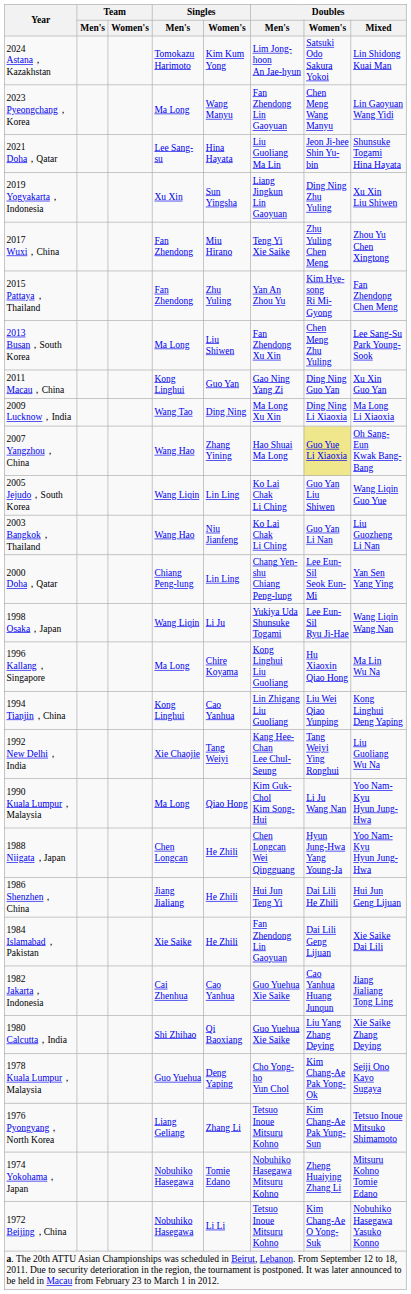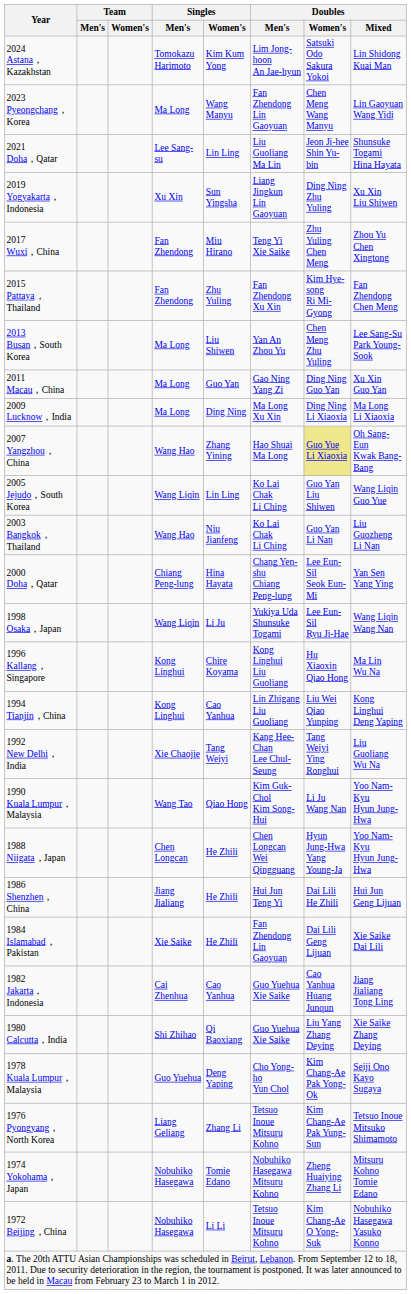 <table class=wikitable style="font-size:90%;">
 <tr>
 <th rowspan=2>Year</th>
 <th colspan=2>Team</th>
 <th colspan=2>Singles</th>
 <th colspan=3>Doubles</th>
 </tr>
 <tr>
 <th>Men's</th>
 <th>Women's</th>
 <th>Men's</th>
 <th>Women's</th>
 <th>Men's</th>
 <th>Women's</th>
 <th>Mixed</th>
 </tr>
 <tr>
 <td>2024 <br><a href='#'>Astana</a>，Kazakhstan</td>
 <td></td>
 <td></td>
 <td> <a href='#'>Tomokazu Harimoto</a></td>
 <td> <a href='#'>Kim Kum Yong</a></td>
 <td> <a href='#'>Lim Jong-hoon</a> <br>  <a href='#'>An Jae-hyun</a></td>
 <td> <a href='#'>Satsuki Odo</a> <br>  <a href='#'>Sakura Yokoi</a></td>
 <td> <a href='#'>Lin Shidong</a> <br>  <a href='#'>Kuai Man</a></td>
 </tr>
 <tr>
 <td>2023 <br><a href='#'>Pyeongchang</a>，Korea</td>
 <td></td>
 <td></td>
 <td> <a href='#'>Ma Long</a></td>
 <td> <a href='#'>Wang Manyu</a></td>
 <td> <a href='#'>Fan Zhendong</a> <br>  <a href='#'>Lin Gaoyuan</a></td>
 <td> <a href='#'>Chen Meng</a> <br>  <a href='#'>Wang Manyu</a></td>
 <td> <a href='#'>Lin Gaoyuan</a> <br>  <a href='#'>Wang Yidi</a></td>
 </tr>
 <tr>
 <td>2021 <br><a href='#'>Doha</a>，Qatar</td>
 <td></td>
 <td></td>
 <td> <a href='#'>Lee Sang-su</a></td>
-<td> <a href='#'>Hina Hayata</a></td>
+<td> <a href='#'>Lin Ling</a></td>
 <td> <a href='#'>Liu Guoliang</a> <br>  <a href='#'>Ma Lin</a></td>
 <td> <a href='#'>Jeon Ji-hee</a> <br>  <a href='#'>Shin Yu-bin</a></td>
 <td> <a href='#'>Shunsuke Togami</a> <br>  <a href='#'>Hina Hayata</a></td>
 </tr>
 <tr>
 <td>2019 <br><a href='#'>Yogyakarta</a>，Indonesia</td>
 <td></td>
 <td></td>
 <td> <a href='#'>Xu Xin</a></td>
 <td> <a href='#'>Sun Yingsha</a></td>
 <td> <a href='#'>Liang Jingkun</a> <br>  <a href='#'>Lin Gaoyuan</a></td>
 <td> <a href='#'>Ding Ning</a> <br>  <a href='#'>Zhu Yuling</a></td>
 <td> <a href='#'>Xu Xin</a> <br>  <a href='#'>Liu Shiwen</a></td>
 </tr>
 <tr>
 <td>2017 <br><a href='#'>Wuxi</a>，China</td>
 <td></td>
 <td></td>
 <td> <a href='#'>Fan Zhendong</a></td>
 <td> <a href='#'>Miu Hirano</a></td>
 <td> <a href='#'>Teng Yi</a> <br>  <a href='#'>Xie Saike</a></td>
 <td> <a href='#'>Zhu Yuling</a> <br>  <a href='#'>Chen Meng</a></td>
 <td> <a href='#'>Zhou Yu</a> <br>  <a href='#'>Chen Xingtong</a></td>
 </tr>
 <tr>
 <td>2015 <br><a href='#'>Pattaya</a>，Thailand</td>
 <td></td>
 <td></td>
 <td> <a href='#'>Fan Zhendong</a></td>
 <td> <a href='#'>Zhu Yuling</a></td>
-<td> <a href='#'>Yan An</a> <br>  <a href='#'>Zhou Yu</a></td>
+<td> <a href='#'>Fan Zhendong</a> <br>  <a href='#'>Xu Xin</a></td>
 <td> <a href='#'>Kim Hye-song</a> <br>  <a href='#'>Ri Mi-Gyong</a></td>
 <td> <a href='#'>Fan Zhendong</a> <br>  <a href='#'>Chen Meng</a></td>
 </tr>
 <tr>
 <td><a href='#'>2013</a><br><a href='#'>Busan</a>，South Korea</td>
 <td></td>
 <td></td>
 <td> <a href='#'>Ma Long</a></td>
 <td> <a href='#'>Liu Shiwen</a></td>
-<td> <a href='#'>Fan Zhendong</a> <br>  <a href='#'>Xu Xin</a></td>
+<td> <a href='#'>Yan An</a> <br>  <a href='#'>Zhou Yu</a></td>
 <td> <a href='#'>Chen Meng</a> <br>  <a href='#'>Zhu Yuling</a></td>
 <td> <a href='#'>Lee Sang-Su</a> <br>  <a href='#'>Park Young-Sook</a></td>
 </tr>
 <tr>
 <td>2011 <br><a href='#'>Macau</a>，China</td>
 <td></td>
 <td></td>
-<td> <a href='#'>Kong Linghui</a></td>
+<td> <a href='#'>Ma Long</a></td>
 <td> <a href='#'>Guo Yan</a></td>
 <td> <a href='#'>Gao Ning</a> <br>  <a href='#'>Yang Zi</a></td>
 <td> <a href='#'>Ding Ning</a> <br>  <a href='#'>Guo Yan</a></td>
 <td> <a href='#'>Xu Xin</a> <br>  <a href='#'>Guo Yan</a></td>
 </tr>
 <tr>
 <td>2009 <br><a href='#'>Lucknow</a>，India</td>
 <td></td>
 <td></td>
-<td> <a href='#'>Wang Tao</a></td>
+<td> <a href='#'>Ma Long</a></td>
 <td> <a href='#'>Ding Ning</a></td>
 <td> <a href='#'>Ma Long</a> <br>  <a href='#'>Xu Xin</a></td>
 <td> <a href='#'>Ding Ning</a> <br>  <a href='#'>Li Xiaoxia</a></td>
 <td> <a href='#'>Ma Long</a> <br>  <a href='#'>Li Xiaoxia</a></td>
 </tr>
 <tr>
 <td>2007 <br><a href='#'>Yangzhou</a>，China</td>
 <td></td>
 <td></td>
 <td> <a href='#'>Wang Hao</a></td>
 <td> <a href='#'>Zhang Yining</a></td>
 <td> <a href='#'>Hao Shuai</a> <br>  <a href='#'>Ma Long</a></td>
 <td style="background: khaki;"> <a href='#'>Guo Yue</a> <br>  <a href='#'>Li Xiaoxia</a></td>
 <td> <a href='#'>Oh Sang-Eun</a> <br>  <a href='#'>Kwak Bang-Bang</a></td>
 </tr>
 <tr>
 <td>2005 <br><a href='#'>Jejudo</a>，South Korea</td>
 <td></td>
 <td></td>
 <td> <a href='#'>Wang Liqin</a></td>
 <td> <a href='#'>Lin Ling</a></td>
 <td> <a href='#'>Ko Lai Chak</a> <br>  <a href='#'>Li Ching</a></td>
 <td> <a href='#'>Guo Yan</a> <br>  <a href='#'>Liu Shiwen</a></td>
 <td> <a href='#'>Wang Liqin</a> <br>  <a href='#'>Guo Yue</a></td>
 </tr>
 <tr>
 <td>2003 <br><a href='#'>Bangkok</a>，Thailand</td>
 <td></td>
 <td></td>
 <td> <a href='#'>Wang Hao</a></td>
 <td> <a href='#'>Niu Jianfeng</a></td>
 <td> <a href='#'>Ko Lai Chak</a> <br>  <a href='#'>Li Ching</a></td>
 <td> <a href='#'>Guo Yan</a> <br>  <a href='#'>Li Nan</a></td>
 <td> <a href='#'>Liu Guozheng</a> <br>  <a href='#'>Li Nan</a></td>
 </tr>
 <tr>
 <td>2000 <br><a href='#'>Doha</a>，Qatar</td>
 <td></td>
 <td></td>
 <td> <a href='#'>Chiang Peng-lung</a></td>
-<td> <a href='#'>Lin Ling</a></td>
+<td> <a href='#'>Hina Hayata</a></td>
 <td> <a href='#'>Chang Yen-shu</a> <br>  <a href='#'>Chiang Peng-lung</a></td>
 <td> <a href='#'>Lee Eun-Sil</a> <br>  <a href='#'>Seok Eun-Mi</a></td>
 <td> <a href='#'>Yan Sen</a> <br>  <a href='#'>Yang Ying</a></td>
 </tr>
 <tr>
 <td>1998 <br><a href='#'>Osaka</a>，Japan</td>
 <td></td>
 <td></td>
 <td> <a href='#'>Wang Liqin</a></td>
 <td> <a href='#'>Li Ju</a></td>
 <td> <a href='#'>Yukiya Uda</a> <br>  <a href='#'>Shunsuke Togami</a></td>
 <td> <a href='#'>Lee Eun-Sil</a> <br>  <a href='#'>Ryu Ji-Hae</a></td>
 <td> <a href='#'>Wang Liqin</a> <br>  <a href='#'>Wang Nan</a></td>
 </tr>
 <tr>
 <td>1996 <br><a href='#'>Kallang</a>，Singapore</td>
 <td></td>
 <td></td>
-<td> <a href='#'>Ma Long</a></td>
+<td> <a href='#'>Kong Linghui</a></td>
 <td> <a href='#'>Chire Koyama</a></td>
 <td> <a href='#'>Kong Linghui</a> <br>  <a href='#'>Liu Guoliang</a></td>
 <td> <a href='#'>Hu Xiaoxin</a> <br>  <a href='#'>Qiao Hong</a></td>
 <td> <a href='#'>Ma Lin</a> <br>  <a href='#'>Wu Na</a></td>
 </tr>
 <tr>
 <td>1994 <br><a href='#'>Tianjin</a>，China</td>
 <td></td>
 <td></td>
 <td> <a href='#'>Kong Linghui</a></td>
 <td> <a href='#'>Cao Yanhua</a></td>
 <td> <a href='#'>Lin Zhigang</a> <br>  <a href='#'>Liu Guoliang</a></td>
 <td> <a href='#'>Liu Wei</a> <br>  <a href='#'>Qiao Yunping</a></td>
 <td> <a href='#'>Kong Linghui</a> <br>  <a href='#'>Deng Yaping</a></td>
 </tr>
 <tr>
 <td>1992 <br><a href='#'>New Delhi</a>，India</td>
 <td></td>
 <td></td>
 <td> <a href='#'>Xie Chaojie</a></td>
 <td> <a href='#'>Tang Weiyi</a></td>
 <td> <a href='#'>Kang Hee-Chan</a> <br>  <a href='#'>Lee Chul-Seung</a></td>
 <td> <a href='#'>Tang Weiyi</a> <br>  <a href='#'>Ying Ronghui</a></td>
 <td> <a href='#'>Liu Guoliang</a> <br>  <a href='#'>Wu Na</a></td>
 </tr>
 <tr>
 <td>1990 <br><a href='#'>Kuala Lumpur</a>，Malaysia</td>
 <td></td>
 <td></td>
-<td> <a href='#'>Ma Long</a></td>
+<td> <a href='#'>Wang Tao</a></td>
 <td> <a href='#'>Qiao Hong</a></td>
 <td> <a href='#'>Kim Guk-Chol</a> <br>  <a href='#'>Kim Song-Hui</a></td>
 <td> <a href='#'>Li Ju</a> <br>  <a href='#'>Wang Nan</a></td>
 <td> <a href='#'>Yoo Nam-Kyu</a> <br>  <a href='#'>Hyun Jung-Hwa</a></td>
 </tr>
 <tr>
 <td>1988 <br><a href='#'>Niigata</a>，Japan</td>
 <td></td>
 <td></td>
 <td> <a href='#'>Chen Longcan</a></td>
 <td> <a href='#'>He Zhili</a></td>
 <td> <a href='#'>Chen Longcan</a> <br>  <a href='#'>Wei Qingguang</a></td>
 <td> <a href='#'>Hyun Jung-Hwa</a> <br>  <a href='#'>Yang Young-Ja</a></td>
 <td> <a href='#'>Yoo Nam-Kyu</a> <br>  <a href='#'>Hyun Jung-Hwa</a></td>
 </tr>
 <tr>
 <td>1986 <br><a href='#'>Shenzhen</a>，China</td>
 <td></td>
 <td></td>
 <td> <a href='#'>Jiang Jialiang</a></td>
 <td> <a href='#'>He Zhili</a></td>
 <td> <a href='#'>Hui Jun</a> <br>  <a href='#'>Teng Yi</a></td>
 <td> <a href='#'>Dai Lili</a> <br>  <a href='#'>He Zhili</a></td>
 <td> <a href='#'>Hui Jun</a> <br>  <a href='#'>Geng Lijuan</a></td>
 </tr>
 <tr>
 <td>1984 <br><a href='#'>Islamabad</a>，Pakistan</td>
 <td></td>
 <td></td>
 <td> <a href='#'>Xie Saike</a></td>
 <td> <a href='#'>He Zhili</a></td>
 <td> <a href='#'>Fan Zhendong</a> <br>  <a href='#'>Lin Gaoyuan</a></td>
 <td> <a href='#'>Dai Lili</a> <br>  <a href='#'>Geng Lijuan</a></td>
 <td> <a href='#'>Xie Saike</a> <br>  <a href='#'>Dai Lili</a></td>
 </tr>
 <tr>
 <td>1982 <br><a href='#'>Jakarta</a>，Indonesia</td>
 <td></td>
 <td></td>
 <td> <a href='#'>Cai Zhenhua</a></td>
 <td> <a href='#'>Cao Yanhua</a></td>
 <td> <a href='#'>Guo Yuehua</a> <br>  <a href='#'>Xie Saike</a></td>
 <td> <a href='#'>Cao Yanhua</a> <br>  <a href='#'>Huang Junqun</a></td>
 <td> <a href='#'>Jiang Jialiang</a> <br>  <a href='#'>Tong Ling</a></td>
 </tr>
 <tr>
 <td>1980 <br><a href='#'>Calcutta</a>，India</td>
 <td></td>
 <td></td>
 <td> <a href='#'>Shi Zhihao</a></td>
 <td> <a href='#'>Qi Baoxiang</a></td>
 <td> <a href='#'>Guo Yuehua</a> <br>  <a href='#'>Xie Saike</a></td>
 <td> <a href='#'>Liu Yang</a> <br>  <a href='#'>Zhang Deying</a></td>
 <td> <a href='#'>Xie Saike</a> <br>  <a href='#'>Zhang Deying</a></td>
 </tr>
 <tr>
 <td>1978 <br><a href='#'>Kuala Lumpur</a>，Malaysia</td>
 <td></td>
 <td></td>
 <td> <a href='#'>Guo Yuehua</a></td>
 <td> <a href='#'>Deng Yaping</a></td>
 <td> <a href='#'>Cho Yong-ho</a> <br>  <a href='#'>Yun Chol</a></td>
 <td> <a href='#'>Kim Chang-Ae</a> <br>  <a href='#'>Pak Yong-Ok</a></td>
 <td> <a href='#'>Seiji Ono</a> <br>  <a href='#'>Kayo Sugaya</a></td>
 </tr>
 <tr>
 <td>1976 <br><a href='#'>Pyongyang</a>，North Korea</td>
 <td></td>
 <td></td>
 <td> <a href='#'>Liang Geliang</a></td>
 <td> <a href='#'>Zhang Li</a></td>
 <td> <a href='#'>Tetsuo Inoue</a> <br>  <a href='#'>Mitsuru Kohno</a></td>
 <td> <a href='#'>Kim Chang-Ae</a> <br>  <a href='#'>Pak Yung-Sun</a></td>
 <td> <a href='#'>Tetsuo Inoue</a> <br>  <a href='#'>Mitsuko Shimamoto</a></td>
 </tr>
 <tr>
 <td>1974 <br><a href='#'>Yokohama</a>，Japan</td>
 <td></td>
 <td></td>
 <td> <a href='#'>Nobuhiko Hasegawa</a></td>
 <td> <a href='#'>Tomie Edano</a></td>
 <td> <a href='#'>Nobuhiko Hasegawa</a> <br>  <a href='#'>Mitsuru Kohno</a></td>
 <td> <a href='#'>Zheng Huaiying</a> <br>  <a href='#'>Zhang Li</a></td>
 <td> <a href='#'>Mitsuru Kohno</a> <br>  <a href='#'>Tomie Edano</a></td>
 </tr>
 <tr>
 <td>1972 <br><a href='#'>Beijing</a>，China</td>
 <td></td>
 <td></td>
 <td> <a href='#'>Nobuhiko Hasegawa</a></td>
 <td> <a href='#'>Li Li</a></td>
 <td> <a href='#'>Tetsuo Inoue</a> <br>  <a href='#'>Mitsuru Kohno</a></td>
 <td> <a href='#'>Kim Chang-Ae</a> <br>  <a href='#'>O Yong-Suk</a></td>
 <td> <a href='#'>Nobuhiko Hasegawa</a> <br>  <a href='#'>Yasuko Konno</a></td>
 </tr>
 <tr>
 <td colspan="8"><strong>a</strong>. The 20th ATTU Asian Championships was scheduled in <a href='#'>Beirut</a>, <a href='#'>Lebanon</a>. From September 12 to 18, 2011. Due to security deterioration in the region, the tournament is postponed. It was later announced to be held in <a href='#'>Macau</a> from February 23 to March 1 in 2012.</td>
 </tr>
 </table>
